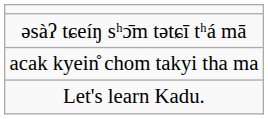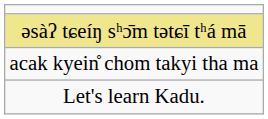 <table class="wikitable" style="text-align:center">
 <tr>
 <td></td>
 </tr>
 <tr>
-<td>əsàʔ tɕeíŋ sʰɔ̄m tətɕī tʰá mā</td>
+<td style="background: khaki;">əsàʔ tɕeíŋ sʰɔ̄m tətɕī tʰá mā</td>
 </tr>
 <tr>
 <td>acak kyein̊ chom takyi tha ma</td>
 </tr>
 <tr>
 <td>Let's learn Kadu.</td>
 </tr>
 </table>
